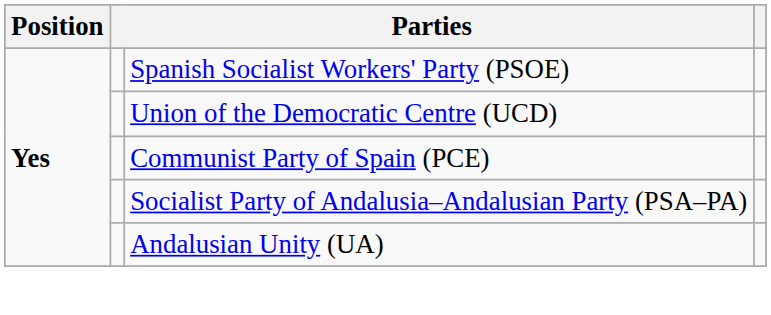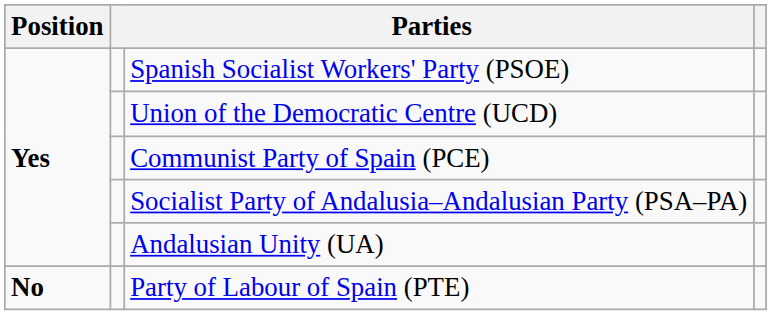 <table class="wikitable" style="font-size:97%; text-align:left;">
 <tr>
 <th>Position</th>
 <th colspan="2">Parties</th>
 <th></th>
 </tr>
 <tr>
 <td rowspan="5"> <strong>Yes</strong></td>
 <td width="1" style="color:inherit;background:"></td>
 <td><a href='#'>Spanish Socialist Workers' Party</a> (PSOE)</td>
 <td></td>
 </tr>
 <tr>
 <td bgcolor=></td>
 <td><a href='#'>Union of the Democratic Centre</a> (UCD)</td>
 <td></td>
 </tr>
 <tr>
 <td style="color:inherit;background:"></td>
 <td><a href='#'>Communist Party of Spain</a> (PCE)</td>
 <td></td>
 </tr>
 <tr>
 <td style="color:inherit;background:"></td>
 <td><a href='#'>Socialist Party of Andalusia–Andalusian Party</a> (PSA–PA)</td>
 <td></td>
 </tr>
 <tr>
 <td style="color:inherit;background:"></td>
 <td><a href='#'>Andalusian Unity</a> (UA)</td>
 <td></td>
 </tr>
+<tr>
+<td> <strong>No</strong></td>
+<td style="color:inherit;background:"></td>
+<td><a href='#'>Party of Labour of Spain</a> (PTE)</td>
+<td></td>
+</tr>
 </table>
